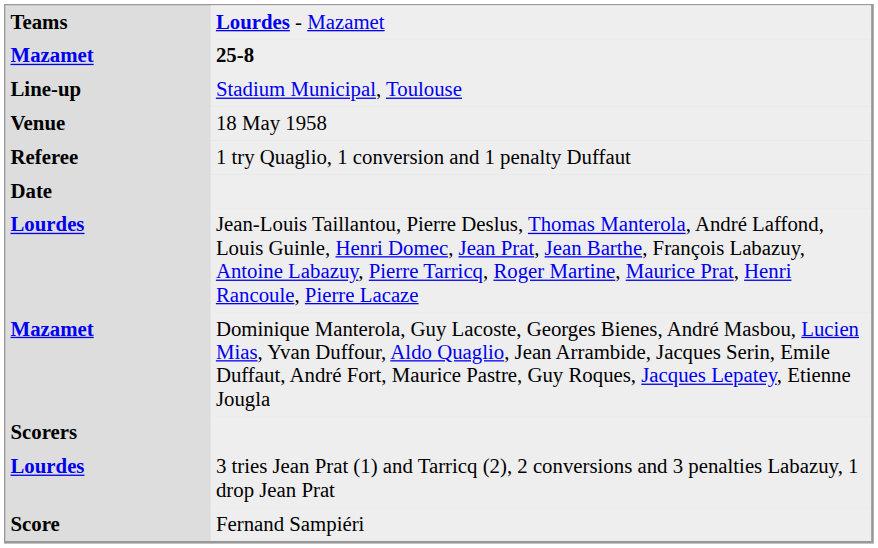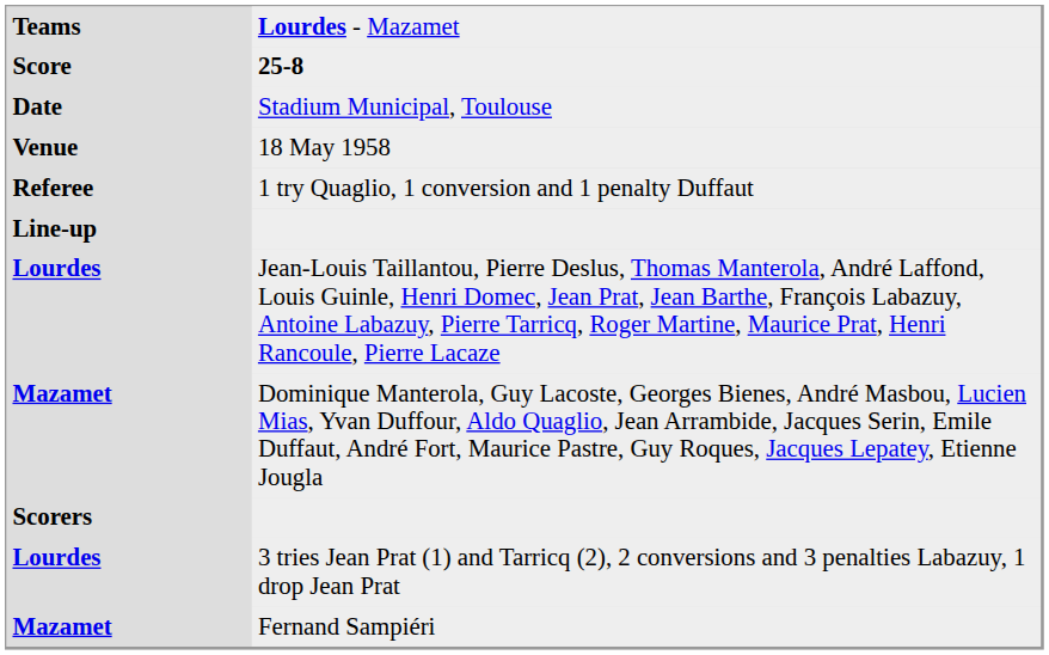 <table align="left" cellpadding="4" cellspacing="0"  style="margin: 0 0 0 0; border: 1px solid #999; border-right-width: 2px; border-bottom-width: 2px; background-color: #DDDDDD">
 <tr>
 <td width="150" valign="top"><strong>Teams</strong></td>
 <td width="500" bgcolor=#EEEEEE><strong><a href='#'>Lourdes</a></strong> - <a href='#'>Mazamet</a></td>
 </tr>
 <tr>
-<td valign="top"><strong><a href='#'>Mazamet</a></strong></td>
+<td valign="top"><strong>Score</strong></td>
 <td bgcolor=#EEEEEE><strong>25-8</strong></td>
 </tr>
 <tr>
-<td valign="top"><strong>Line-up</strong></td>
+<td valign="top"><strong>Date</strong></td>
 <td bgcolor=#EEEEEE><a href='#'>Stadium Municipal</a>, <a href='#'>Toulouse</a></td>
 </tr>
 <tr>
 <td valign="top"><strong>Venue</strong></td>
 <td bgcolor=#EEEEEE>18 May 1958</td>
 </tr>
 <tr>
 <td valign="top"><strong>Referee</strong></td>
 <td bgcolor=#EEEEEE>1 try Quaglio, 1 conversion and 1 penalty Duffaut</td>
 </tr>
 <tr>
-<td valign="top"><strong>Date</strong></td>
+<td valign="top"><strong>Line-up</strong></td>
 <td bgcolor=#EEEEEE></td>
 </tr>
 <tr>
 <td valign="top"><strong> <a href='#'>Lourdes</a> </strong></td>
 <td bgcolor=#EEEEEE>Jean-Louis Taillantou, Pierre Deslus, <a href='#'>Thomas Manterola</a>, André Laffond, Louis Guinle, <a href='#'>Henri Domec</a>, <a href='#'>Jean Prat</a>, <a href='#'>Jean Barthe</a>, François Labazuy, <a href='#'>Antoine Labazuy</a>, <a href='#'>Pierre Tarricq</a>, <a href='#'>Roger Martine</a>, <a href='#'>Maurice Prat</a>, <a href='#'>Henri Rancoule</a>, <a href='#'>Pierre Lacaze</a></td>
 </tr>
 <tr>
 <td valign="top"><strong><a href='#'>Mazamet</a></strong></td>
 <td bgcolor=#EEEEEE>Dominique Manterola, Guy Lacoste, Georges Bienes, André Masbou, <a href='#'>Lucien Mias</a>, Yvan Duffour, <a href='#'>Aldo Quaglio</a>, Jean Arrambide, Jacques Serin, Emile Duffaut, André Fort, Maurice Pastre, Guy Roques, <a href='#'>Jacques Lepatey</a>, Etienne Jougla</td>
 </tr>
 <tr>
 <td valign="top"><strong>Scorers</strong></td>
 <td bgcolor=#EEEEEE></td>
 </tr>
 <tr>
 <td valign="top"><strong><a href='#'>Lourdes</a>  </strong></td>
 <td bgcolor=#EEEEEE>3 tries Jean Prat (1) and Tarricq (2), 2 conversions and 3 penalties  Labazuy, 1 drop Jean Prat</td>
 </tr>
 <tr>
-<td valign="top"><strong>Score</strong></td>
+<td valign="top"><strong><a href='#'>Mazamet</a></strong></td>
 <td bgcolor=#EEEEEE>Fernand Sampiéri</td>
 </tr>
 </table>
